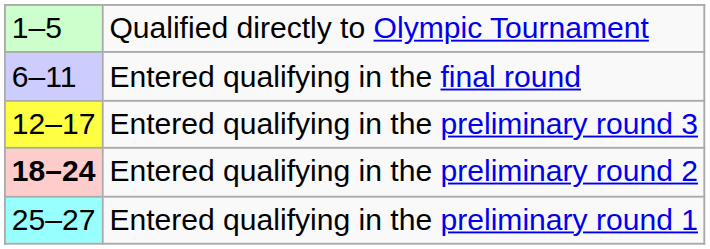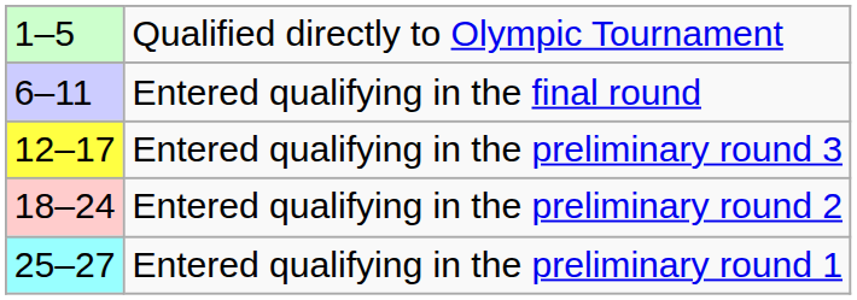 <table class="wikitable">
 <tr>
 <td style="background: #ccffcc;">1–5</td>
 <td>Qualified directly to <a href='#'>Olympic Tournament</a></td>
 </tr>
 <tr>
 <td style="background: #ccccff;">6–11</td>
 <td>Entered qualifying in the <a href='#'>final round</a></td>
 </tr>
 <tr>
 <td style="background: #ffff42;">12–17</td>
 <td>Entered qualifying in the <a href='#'>preliminary round 3</a></td>
 </tr>
 <tr>
-<td style="background: #ffcccc;"><strong>18–24</strong></td>
+<td style="background: #ffcccc;">18–24</td>
 <td>Entered qualifying in the <a href='#'>preliminary round 2</a></td>
 </tr>
 <tr>
 <td style="background: #98ffff;">25–27</td>
 <td>Entered qualifying in the <a href='#'>preliminary round 1</a></td>
 </tr>
 </table>
